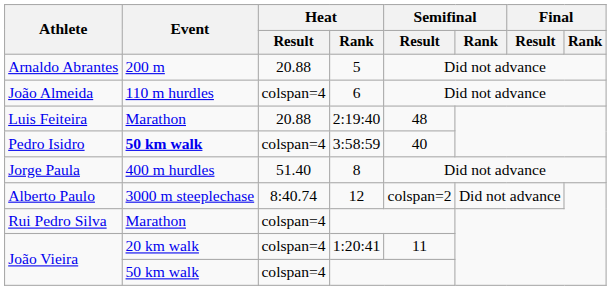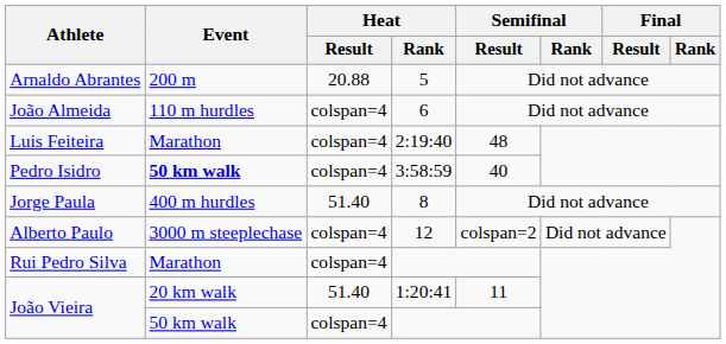 <table class="wikitable" style="font-size:90%">
 <tr>
 <th rowspan="2">Athlete</th>
 <th rowspan="2">Event</th>
 <th colspan="2">Heat</th>
 <th colspan="2">Semifinal</th>
 <th colspan="2">Final</th>
 </tr>
 <tr style="font-size:95%">
 <th>Result</th>
 <th>Rank</th>
 <th>Result</th>
 <th>Rank</th>
 <th>Result</th>
 <th>Rank</th>
 </tr>
 <tr align=center>
 <td align=left><a href='#'>Arnaldo Abrantes</a></td>
 <td align=left><a href='#'>200 m</a></td>
 <td>20.88</td>
 <td>5</td>
 <td colspan=4>Did not advance</td>
 </tr>
 <tr align=center>
 <td align=left><a href='#'>João Almeida</a></td>
 <td align=left><a href='#'>110 m hurdles</a></td>
 <td>colspan=4 </td>
 <td>6</td>
 <td colspan=4>Did not advance</td>
 </tr>
 <tr align=center>
 <td align=left><a href='#'>Luis Feiteira</a></td>
 <td align=left><a href='#'>Marathon</a></td>
-<td>20.88</td>
+<td>colspan=4 </td>
 <td>2:19:40</td>
 <td>48</td>
 </tr>
 <tr align=center>
 <td align=left><a href='#'>Pedro Isidro</a></td>
 <td align=left><strong><a href='#'>50 km walk</a></strong></td>
 <td>colspan=4 </td>
 <td>3:58:59</td>
 <td>40</td>
 </tr>
 <tr align=center>
 <td align=left><a href='#'>Jorge Paula</a></td>
 <td align=left><a href='#'>400 m hurdles</a></td>
 <td>51.40</td>
 <td>8</td>
 <td colspan=4>Did not advance</td>
 </tr>
 <tr align=center>
 <td align=left><a href='#'>Alberto Paulo</a></td>
 <td align=left><a href='#'>3000 m steeplechase</a></td>
-<td>8:40.74</td>
+<td>colspan=4 </td>
 <td>12</td>
 <td>colspan=2 </td>
 <td colspan=2>Did not advance</td>
 </tr>
 <tr align=center>
 <td align=left><a href='#'>Rui Pedro Silva</a></td>
 <td align=left><a href='#'>Marathon</a></td>
 <td>colspan=4 </td>
 <td colspan=2></td>
 </tr>
 <tr align=center>
 <td align=left rowspan=2><a href='#'>João Vieira</a></td>
 <td align=left><a href='#'>20 km walk</a></td>
-<td>colspan=4 </td>
+<td>51.40</td>
 <td>1:20:41</td>
 <td>11</td>
 </tr>
 <tr align=center>
 <td align=left><a href='#'>50 km walk</a></td>
 <td>colspan=4 </td>
 <td colspan=2></td>
 </tr>
 </table>
